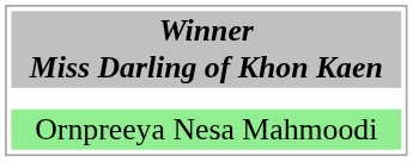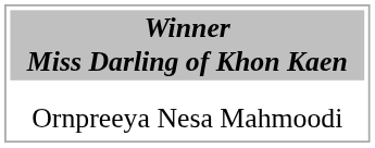 <table style="border-spacing: 2px; border: 1px solid darkgray; font-size: 90%; float:right;">
 <tr>
 <td width=180px align=center colspan=5 bgcolor=#C0C0C0><strong><em>Winner<br>Miss Darling of Khon Kaen</em></strong></td>
 </tr>
 <tr>
 <td align=center></td>
 </tr>
 <tr>
 <td align=center><strong></strong></td>
 </tr>
 <tr>
-<td align=center style="background: lightgreen;">Ornpreeya Nesa Mahmoodi</td>
+<td align=center>Ornpreeya Nesa Mahmoodi</td>
 </tr>
 </table>
